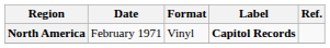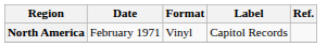 <table class="wikitable plainrowheaders">
 <tr>
 <th scope="col">Region</th>
 <th scope="col">Date</th>
 <th scope="col">Format</th>
 <th scope="col">Label</th>
 <th scope="col">Ref.</th>
 </tr>
 <tr>
 <th scope="row">North America</th>
 <td>February 1971</td>
 <td>Vinyl</td>
-<td><strong>Capitol Records</strong></td>
+<td>Capitol Records</td>
 <td></td>
 </tr>
 <tr>
 </tr>
 </table>
